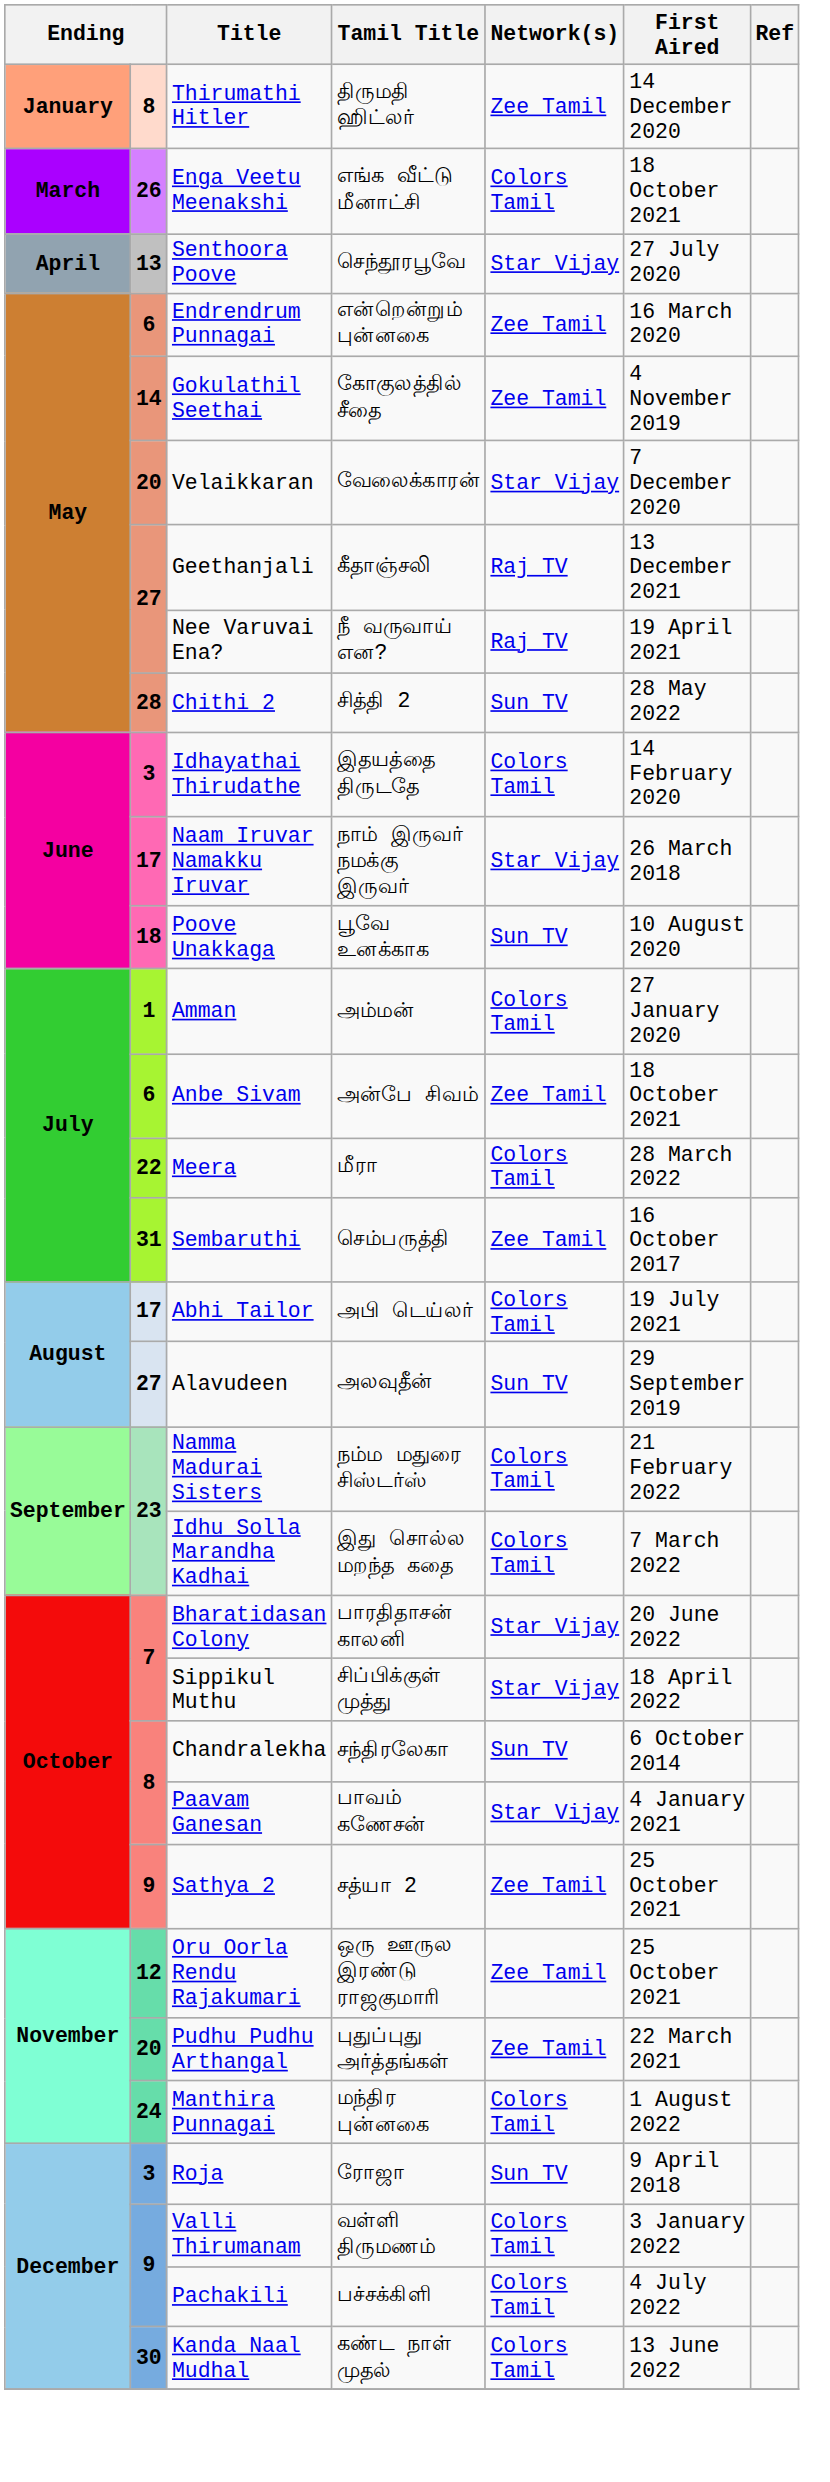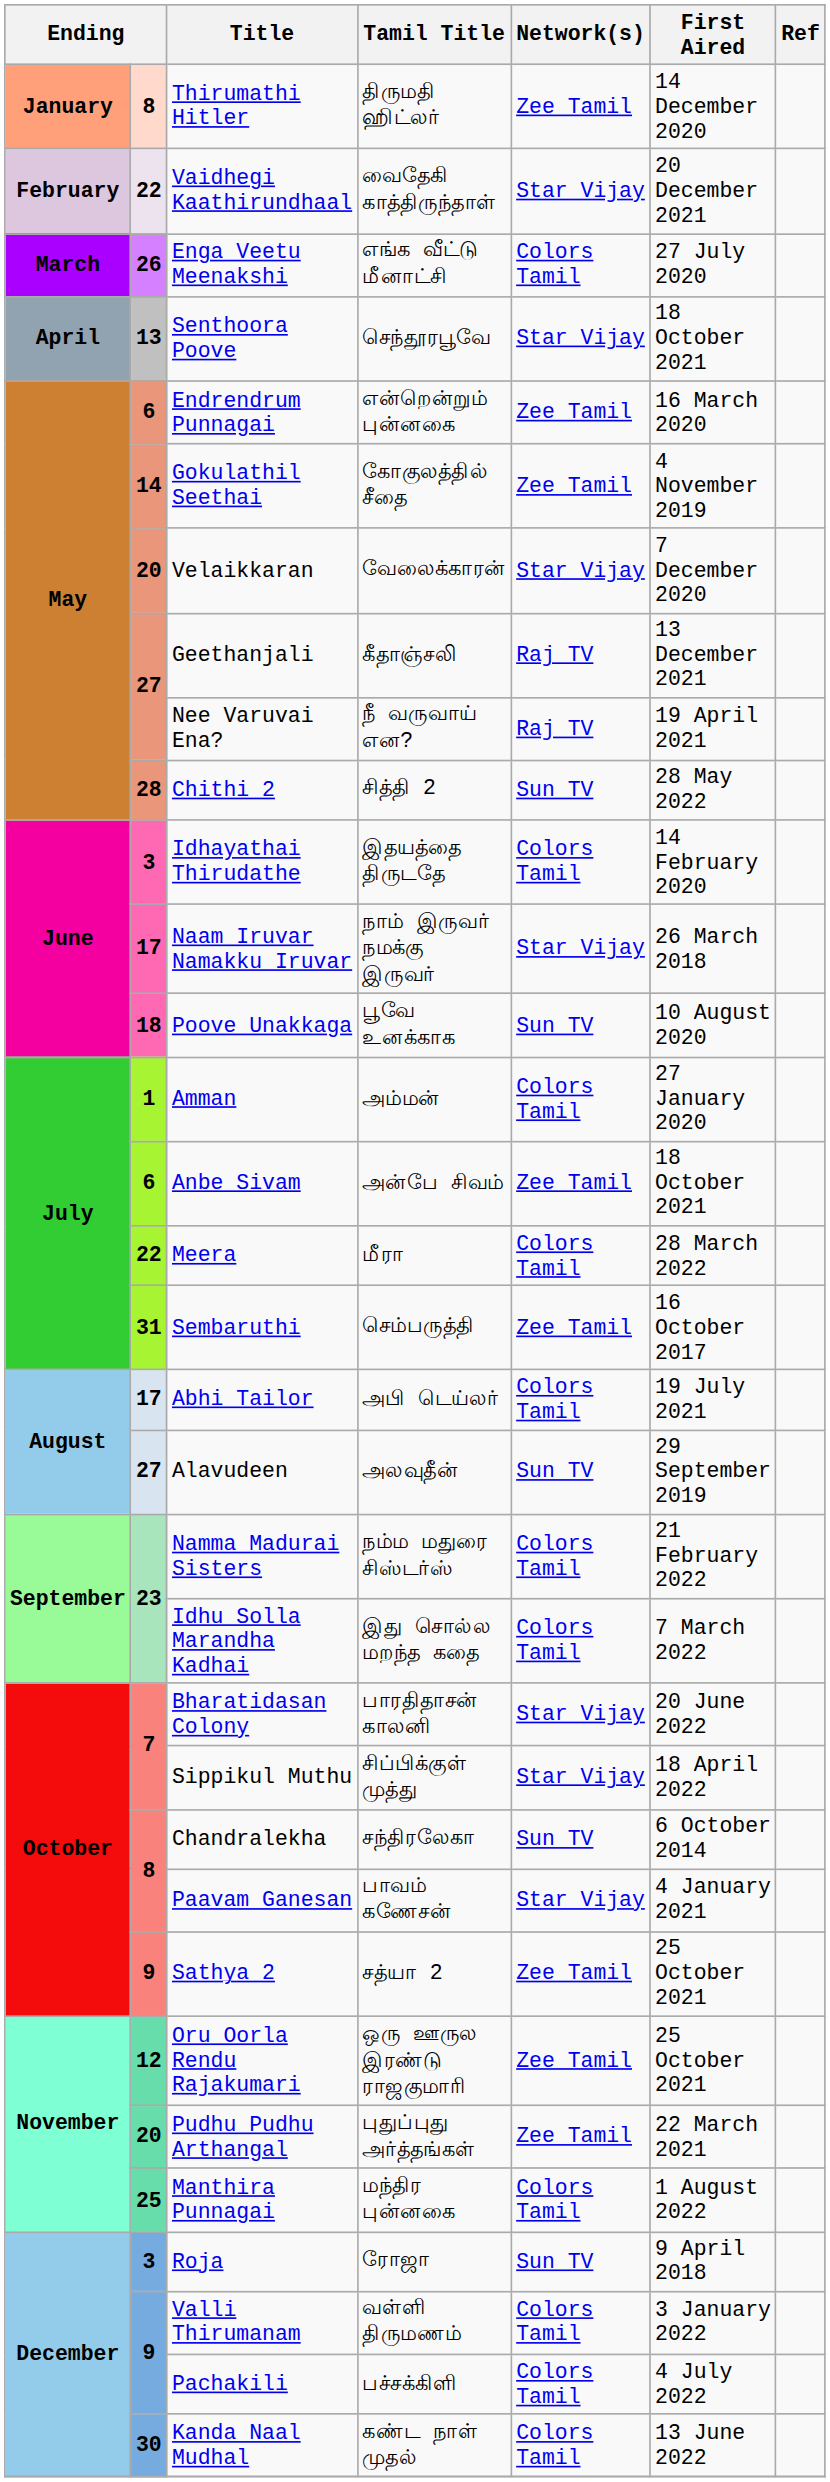 <table class="wikitable" width="75%">
 <tr>
 <th colspan="2">Ending</th>
 <th style="width:30%;">Title</th>
 <th style="width:30%;">Tamil Title</th>
 <th style="width:20%;">Network(s)</th>
 <th style="width:20%;">First Aired</th>
 <th>Ref</th>
 </tr>
 <tr>
 <td rowspan="1" style="text-align:center;background:#ffa07a;textcolor:#000;"><strong>January</strong></td>
 <td style="text-align:center; background:#ffdacc;"><strong>8</strong></td>
 <td><a href='#'>Thirumathi Hitler</a></td>
 <td>திருமதி ஹிட்லர்</td>
 <td><a href='#'>Zee Tamil</a></td>
 <td>14 December 2020</td>
 <td></td>
 </tr>
 <tr>
+<td rowspan="1" style="text-align:center; background:#dcc7df; textcolor:#000;"><strong>February</strong></td>
+<td rowspan="1" style="text-align:center; background:#ede3ef;"><strong>22</strong></td>
+<td><a href='#'>Vaidhegi Kaathirundhaal</a></td>
+<td>வைதேகி காத்திருந்தாள்</td>
+<td><a href='#'>Star Vijay</a></td>
+<td>20 December 2021</td>
+<td></td>
+</tr>
+<tr>
 <td rowspan="1" style="text-align:center; background:#a0f; textcolor:#d580ff;"><strong>March</strong></td>
 <td style="text-align:center; background:#d580ff"><strong>26</strong></td>
 <td><a href='#'>Enga Veetu Meenakshi</a></td>
 <td>எங்க வீட்டு மீனாட்சி</td>
 <td><a href='#'>Colors Tamil</a></td>
-<td>18 October 2021</td>
+<td>27 July 2020</td>
 <td></td>
 </tr>
 <tr>
 <td rowspan="1" style="text-align:center; background:#91a3b0; textcolor:#000;"><strong>April</strong></td>
 <td style="text-align:center; background:silver"><strong>13</strong></td>
 <td><a href='#'>Senthoora Poove</a></td>
 <td>செந்தூரபூவே</td>
 <td><a href='#'>Star Vijay</a></td>
-<td>27 July 2020</td>
+<td>18 October 2021</td>
 <td></td>
 </tr>
 <tr>
 <td rowspan="6" style="text-align:center; background:#CD7F32; textcolor:#000;"><strong>May</strong></td>
 <td style="text-align:center; background:#e9967a;"><strong>6</strong></td>
 <td><a href='#'>Endrendrum Punnagai</a></td>
 <td>என்றென்றும் புன்னகை</td>
 <td><a href='#'>Zee Tamil</a></td>
 <td>16 March 2020</td>
 <td></td>
 </tr>
 <tr>
 <td style="text-align:center; background:#e9967a;"><strong>14</strong></td>
 <td><a href='#'>Gokulathil Seethai</a></td>
 <td>கோகுலத்தில் சீதை</td>
 <td><a href='#'>Zee Tamil</a></td>
 <td>4 November 2019</td>
 <td></td>
 </tr>
 <tr>
 <td style="text-align:center; background:#e9967a;"><strong>20</strong></td>
 <td>Velaikkaran</td>
 <td>வேலைக்காரன்</td>
 <td><a href='#'>Star Vijay</a></td>
 <td>7 December 2020</td>
 <td></td>
 </tr>
 <tr>
 <td rowspan="2" style="text-align:center; background:#e9967a;"><strong>27</strong></td>
 <td>Geethanjali</td>
 <td>கீதாஞ்சலி</td>
 <td><a href='#'>Raj TV</a></td>
 <td>13 December 2021</td>
 <td></td>
 </tr>
 <tr>
 <td>Nee Varuvai Ena?</td>
 <td>நீ வருவாய் என?</td>
 <td><a href='#'>Raj TV</a></td>
 <td>19 April 2021</td>
 <td></td>
 </tr>
 <tr>
 <td style="text-align:center; background:#e9967a;"><strong>28</strong></td>
 <td><a href='#'>Chithi 2</a></td>
 <td>சித்தி 2</td>
 <td><a href='#'>Sun TV</a></td>
 <td>28 May 2022</td>
 <td></td>
 </tr>
 <tr>
 <td rowspan="3" style="text-align:center; background:#F400A1; textcolor:#000;"><strong>June</strong></td>
 <td style="text-align:center; background:hotPink;"><strong>3</strong></td>
 <td><a href='#'>Idhayathai Thirudathe</a></td>
 <td>இதயத்தை திருடதே</td>
 <td><a href='#'>Colors Tamil</a></td>
 <td>14 February 2020</td>
 <td></td>
 </tr>
 <tr>
 <td style="text-align:center; background:hotPink;"><strong>17</strong></td>
 <td><a href='#'>Naam Iruvar Namakku Iruvar</a></td>
 <td>நாம் இருவர் நமக்கு இருவர்</td>
 <td><a href='#'>Star Vijay</a></td>
 <td>26 March 2018</td>
 <td></td>
 </tr>
 <tr>
 <td style="text-align:center; background:hotPink;"><strong>18</strong></td>
 <td><a href='#'>Poove Unakkaga</a></td>
 <td>பூவே உனக்காக</td>
 <td><a href='#'>Sun TV</a></td>
 <td>10 August 2020</td>
 <td></td>
 </tr>
 <tr>
 <td rowspan="4" style="text-align:center; background:#32CD32; textcolor:#d580ff;"><strong>July</strong></td>
 <td style="text-align:center; background:#a7f432;"><strong>1</strong></td>
 <td><a href='#'>Amman</a></td>
 <td>அம்மன்</td>
 <td><a href='#'>Colors Tamil</a></td>
 <td>27 January 2020</td>
 <td></td>
 </tr>
 <tr>
 <td style="text-align:center; background:#a7f432;"><strong>6</strong></td>
 <td><a href='#'>Anbe Sivam</a></td>
 <td>அன்பே சிவம்</td>
 <td><a href='#'>Zee Tamil</a></td>
 <td>18 October 2021</td>
 <td></td>
 </tr>
 <tr>
 <td style="text-align:center; background:#a7f432;"><strong>22</strong></td>
 <td><a href='#'>Meera</a></td>
 <td>மீரா</td>
 <td><a href='#'>Colors Tamil</a></td>
 <td>28 March 2022</td>
 <td></td>
 </tr>
 <tr>
 <td style="text-align:center; background:#a7f432;"><strong>31</strong></td>
 <td><a href='#'>Sembaruthi</a></td>
 <td>செம்பருத்தி</td>
 <td><a href='#'>Zee Tamil</a></td>
 <td>16 October 2017</td>
 <td></td>
 </tr>
 <tr>
 <td rowspan="2" style="text-align:center; background:#93CCEA; textcolor:#d580ff;"><strong>August</strong></td>
 <td style="text-align:center; background:#d9e4f1;"><strong>17</strong></td>
 <td><a href='#'>Abhi Tailor</a></td>
 <td>அபி டெய்லர்</td>
 <td><a href='#'>Colors Tamil</a></td>
 <td>19 July 2021</td>
 <td></td>
 </tr>
 <tr>
 <td style="text-align:center; background:#d9e4f1;"><strong>27</strong></td>
 <td>Alavudeen</td>
 <td>அலவுதீன்</td>
 <td><a href='#'>Sun TV</a></td>
 <td>29 September 2019</td>
 <td></td>
 </tr>
 <tr>
 <td rowspan="2" style="text-align:center; background:#98fb98; textcolor:#000;"><strong>September</strong></td>
 <td rowspan="2" style="text-align:center; background:#a8e4bc;"><strong>23</strong></td>
 <td><a href='#'>Namma Madurai Sisters</a></td>
 <td>நம்ம மதுரை சிஸ்டர்ஸ்</td>
 <td><a href='#'>Colors Tamil</a></td>
 <td>21 February 2022</td>
 <td></td>
 </tr>
 <tr>
 <td><a href='#'>Idhu Solla Marandha Kadhai</a></td>
 <td>இது சொல்ல மறந்த கதை</td>
 <td><a href='#'>Colors Tamil</a></td>
 <td>7 March 2022</td>
 <td></td>
 </tr>
 <tr>
 <td rowspan="5" style="text-align:center; background:#f40b0b; textcolor:#000;"><strong>October</strong></td>
 <td rowspan="2" style="text-align:center;background:#f9827c;"><strong>7</strong></td>
 <td><a href='#'>Bharatidasan Colony</a></td>
 <td>பாரதிதாசன் காலனி</td>
 <td><a href='#'>Star Vijay</a></td>
 <td>20 June 2022</td>
 <td></td>
 </tr>
 <tr>
 <td>Sippikul Muthu</td>
 <td>சிப்பிக்குள் முத்து</td>
 <td><a href='#'>Star Vijay</a></td>
 <td>18 April 2022</td>
 <td></td>
 </tr>
 <tr>
 <td rowspan="2" style="text-align:center;background:#f9827c;"><strong>8</strong></td>
 <td>Chandralekha</td>
 <td>சந்திரலேகா</td>
 <td><a href='#'>Sun TV</a></td>
 <td>6 October 2014</td>
 <td></td>
 </tr>
 <tr>
 <td><a href='#'>Paavam Ganesan</a></td>
 <td>பாவம் கணேசன்</td>
 <td><a href='#'>Star Vijay</a></td>
 <td>4 January 2021</td>
 <td></td>
 </tr>
 <tr>
 <td style="text-align:center;background:#f9827c;"><strong>9</strong></td>
 <td><a href='#'>Sathya 2</a></td>
 <td>சத்யா 2</td>
 <td><a href='#'>Zee Tamil</a></td>
 <td>25 October 2021</td>
 <td></td>
 </tr>
 <tr>
 <td rowspan="3" style="text-align:center; background:#7FFFD4; textcolor:#000;"><strong>November</strong></td>
 <td style="text-align:center; background:#6da;"><strong>12</strong></td>
 <td><a href='#'>Oru Oorla Rendu Rajakumari</a></td>
 <td>ஒரு ஊருல இரண்டு ராஜகுமாரி</td>
 <td><a href='#'>Zee Tamil</a></td>
 <td>25 October 2021</td>
 <td></td>
 </tr>
 <tr>
 <td style="text-align:center; background:#6da;"><strong>20</strong></td>
 <td><a href='#'>Pudhu Pudhu Arthangal</a></td>
 <td>புதுப்புது அர்த்தங்கள்</td>
 <td><a href='#'>Zee Tamil</a></td>
 <td>22 March 2021 </td>
 <td></td>
 </tr>
 <tr>
-<td style="text-align:center; background:#6da;"><strong>24</strong></td>
+<td style="text-align:center; background:#6da;"><strong>25</strong></td>
 <td><a href='#'>Manthira Punnagai</a></td>
 <td>மந்திர புன்னகை</td>
 <td><a href='#'>Colors Tamil</a></td>
 <td>1 August 2022</td>
 <td></td>
 </tr>
 <tr>
 <td rowspan="4" style="text-align:center; background:#93CCEA; textcolor:#000;"><strong>December</strong></td>
 <td style="text-align:center; background:#76ABDF;"><strong>3</strong></td>
 <td><a href='#'>Roja</a></td>
 <td>ரோஜா</td>
 <td><a href='#'>Sun TV</a></td>
 <td>9 April 2018</td>
 <td></td>
 </tr>
 <tr>
 <td rowspan="2" style="text-align:center; background:#76ABDF;"><strong>9</strong></td>
 <td><a href='#'>Valli Thirumanam</a></td>
 <td>வள்ளி திருமணம்</td>
 <td><a href='#'>Colors Tamil</a></td>
 <td>3 January 2022</td>
 <td></td>
 </tr>
 <tr>
 <td><a href='#'>Pachakili</a></td>
 <td>பச்சக்கிளி</td>
 <td><a href='#'>Colors Tamil</a></td>
 <td>4 July 2022</td>
 <td></td>
 </tr>
 <tr>
 <td style="text-align:center; background:#76ABDF;"><strong>30</strong></td>
 <td><a href='#'>Kanda Naal Mudhal</a></td>
 <td>கண்ட நாள் முதல்</td>
 <td><a href='#'>Colors Tamil</a></td>
 <td>13 June 2022</td>
 <td></td>
 </tr>
 <tr>
 </tr>
 </table>
